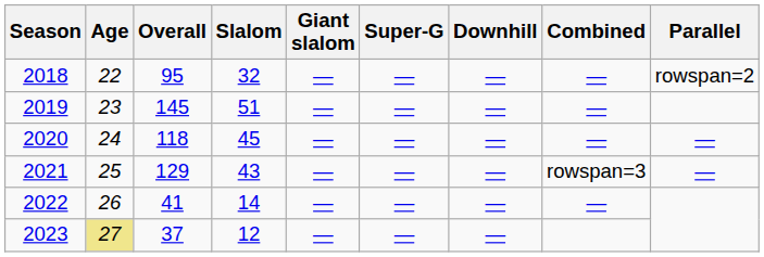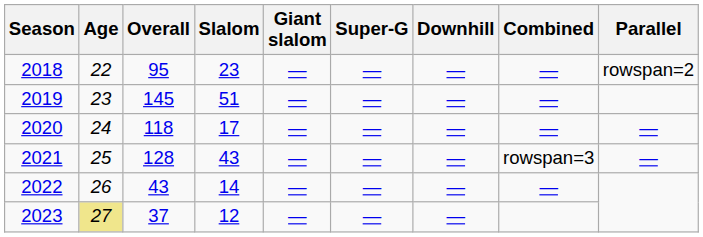 <table class=wikitable style="text-align:center">
 <tr>
 <th>Season</th>
 <th>Age</th>
 <th>Overall</th>
 <th>Slalom</th>
 <th>Giant<br>slalom</th>
 <th>Super-G</th>
 <th>Downhill</th>
 <th>Combined</th>
 <th>Parallel</th>
 </tr>
 <tr>
 <td><a href='#'>2018</a></td>
 <td><em>22</em></td>
 <td><a href='#'>95</a></td>
-<td><a href='#'>32</a></td>
+<td><a href='#'>23</a></td>
 <td><a href='#'>—</a></td>
 <td><a href='#'>—</a></td>
 <td><a href='#'>—</a></td>
 <td><a href='#'>—</a></td>
 <td>rowspan=2 </td>
 </tr>
 <tr>
 <td><a href='#'>2019</a></td>
 <td><em>23</em></td>
 <td><a href='#'>145</a></td>
 <td><a href='#'>51</a></td>
 <td><a href='#'>—</a></td>
 <td><a href='#'>—</a></td>
 <td><a href='#'>—</a></td>
 <td><a href='#'>—</a></td>
 </tr>
 <tr>
 <td><a href='#'>2020</a></td>
 <td><em>24</em></td>
 <td><a href='#'>118</a></td>
-<td><a href='#'>45</a></td>
+<td><a href='#'>17</a></td>
 <td><a href='#'>—</a></td>
 <td><a href='#'>—</a></td>
 <td><a href='#'>—</a></td>
 <td><a href='#'>—</a></td>
 <td><a href='#'>—</a></td>
 </tr>
 <tr>
 <td><a href='#'>2021</a></td>
 <td><em>25</em></td>
-<td><a href='#'>129</a></td>
+<td><a href='#'>128</a></td>
 <td><a href='#'>43</a></td>
 <td><a href='#'>—</a></td>
 <td><a href='#'>—</a></td>
 <td><a href='#'>—</a></td>
 <td>rowspan=3 </td>
 <td><a href='#'>—</a></td>
 </tr>
 <tr>
 <td><a href='#'>2022</a></td>
 <td><em>26</em></td>
-<td><a href='#'>41</a></td>
+<td><a href='#'>43</a></td>
 <td><a href='#'>14</a></td>
 <td><a href='#'>—</a></td>
 <td><a href='#'>—</a></td>
 <td><a href='#'>—</a></td>
 <td><a href='#'>—</a></td>
 </tr>
 <tr>
 <td><a href='#'>2023</a></td>
 <td style="background: khaki;"><em>27</em></td>
 <td><a href='#'>37</a></td>
 <td><a href='#'>12</a></td>
 <td><a href='#'>—</a></td>
 <td><a href='#'>—</a></td>
 <td><a href='#'>—</a></td>
 <td></td>
 </tr>
 </table>
